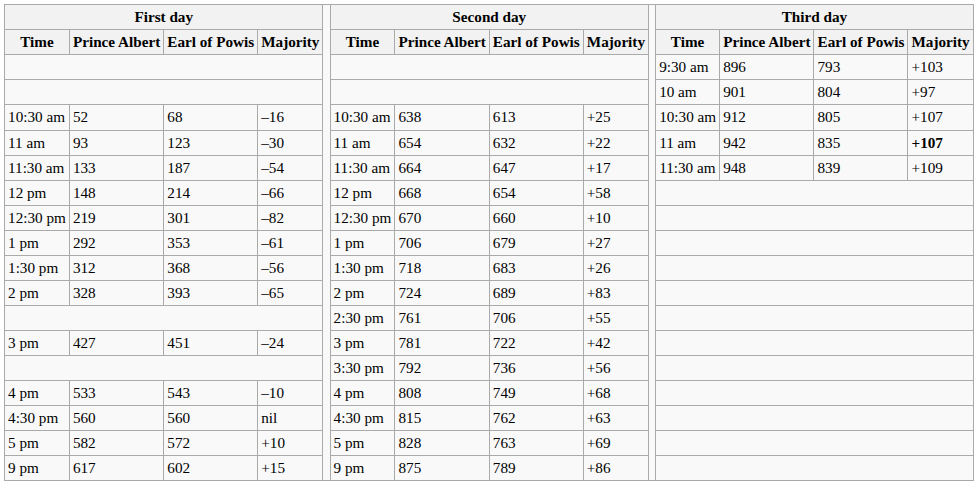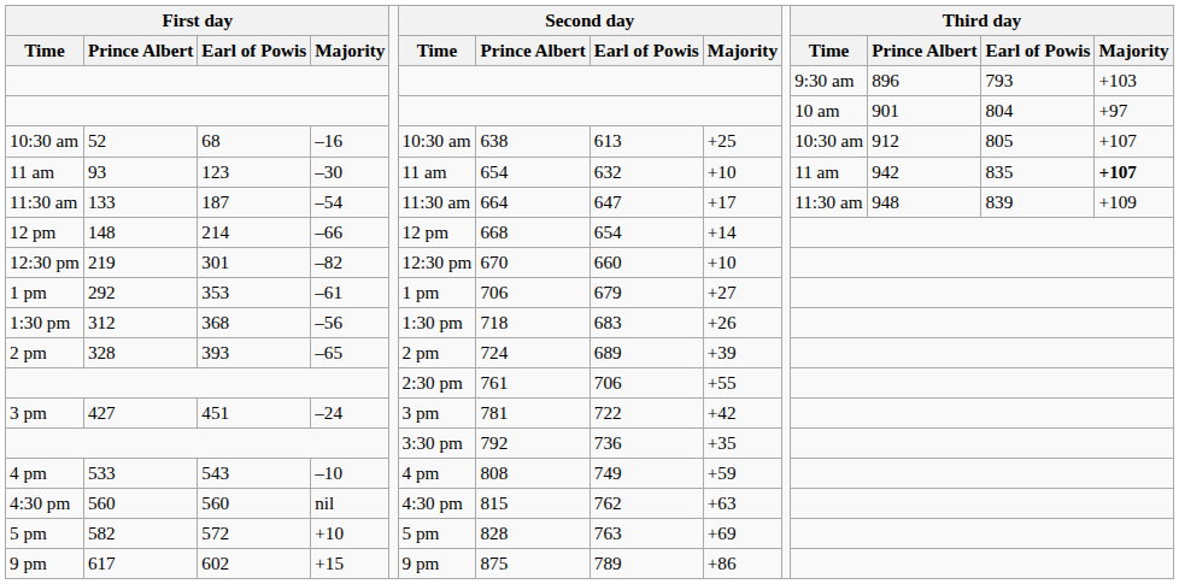 <table class="wikitable" style="font-size: 95%;">
 <tr>
 <th colspan=4>First day</th>
 <td rowspan=19></td>
 <th colspan=4>Second day</th>
 <td rowspan=19></td>
 <th colspan=4>Third day</th>
 </tr>
 <tr>
 <th>Time</th>
 <th>Prince Albert</th>
 <th>Earl of Powis</th>
 <th>Majority</th>
 <th>Time</th>
 <th>Prince Albert</th>
 <th>Earl of Powis</th>
 <th>Majority</th>
 <th>Time</th>
 <th>Prince Albert</th>
 <th>Earl of Powis</th>
 <th>Majority</th>
 </tr>
 <tr>
 <td colspan=4></td>
 <td colspan=4></td>
 <td>9:30 am</td>
 <td>896</td>
 <td>793</td>
 <td>+103</td>
 </tr>
 <tr>
 <td colspan=4></td>
 <td colspan=4></td>
 <td>10 am</td>
 <td>901</td>
 <td>804</td>
 <td>+97</td>
 </tr>
 <tr>
 <td>10:30 am</td>
 <td>52</td>
 <td>68</td>
 <td>–16</td>
 <td>10:30 am</td>
 <td>638</td>
 <td>613</td>
 <td>+25</td>
 <td>10:30 am</td>
 <td>912</td>
 <td>805</td>
 <td>+107</td>
 </tr>
 <tr>
 <td>11 am</td>
 <td>93</td>
 <td>123</td>
 <td>–30</td>
 <td>11 am</td>
 <td>654</td>
 <td>632</td>
-<td>+22</td>
+<td>+10</td>
 <td>11 am</td>
 <td>942</td>
 <td>835</td>
 <td><strong>+107</strong></td>
 </tr>
 <tr>
 <td>11:30 am</td>
 <td>133</td>
 <td>187</td>
 <td>–54</td>
 <td>11:30 am</td>
 <td>664</td>
 <td>647</td>
 <td>+17</td>
 <td>11:30 am</td>
 <td>948</td>
 <td>839</td>
 <td>+109</td>
 </tr>
 <tr>
 <td>12 pm</td>
 <td>148</td>
 <td>214</td>
 <td>–66</td>
 <td>12 pm</td>
 <td>668</td>
 <td>654</td>
-<td>+58</td>
+<td>+14</td>
 <td colspan=4></td>
 </tr>
 <tr>
 <td>12:30 pm</td>
 <td>219</td>
 <td>301</td>
 <td>–82</td>
 <td>12:30 pm</td>
 <td>670</td>
 <td>660</td>
 <td>+10</td>
 <td colspan=4></td>
 </tr>
 <tr>
 <td>1 pm</td>
 <td>292</td>
 <td>353</td>
 <td>–61</td>
 <td>1 pm</td>
 <td>706</td>
 <td>679</td>
 <td>+27</td>
 <td colspan=4></td>
 </tr>
 <tr>
 <td>1:30 pm</td>
 <td>312</td>
 <td>368</td>
 <td>–56</td>
 <td>1:30 pm</td>
 <td>718</td>
 <td>683</td>
 <td>+26</td>
 <td colspan=4></td>
 </tr>
 <tr>
 <td>2 pm</td>
 <td>328</td>
 <td>393</td>
 <td>–65</td>
 <td>2 pm</td>
 <td>724</td>
 <td>689</td>
-<td>+83</td>
+<td>+39</td>
 <td colspan=4></td>
 </tr>
 <tr>
 <td colspan=4></td>
 <td>2:30 pm</td>
 <td>761</td>
 <td>706</td>
 <td>+55</td>
 <td colspan=4></td>
 </tr>
 <tr>
 <td>3 pm</td>
 <td>427</td>
 <td>451</td>
 <td>–24</td>
 <td>3 pm</td>
 <td>781</td>
 <td>722</td>
 <td>+42</td>
 <td colspan=4></td>
 </tr>
 <tr>
 <td colspan=4></td>
 <td>3:30 pm</td>
 <td>792</td>
 <td>736</td>
-<td>+56</td>
+<td>+35</td>
 <td colspan=4></td>
 </tr>
 <tr>
 <td>4 pm</td>
 <td>533</td>
 <td>543</td>
 <td>–10</td>
 <td>4 pm</td>
 <td>808</td>
 <td>749</td>
-<td>+68</td>
+<td>+59</td>
 <td colspan=4></td>
 </tr>
 <tr>
 <td>4:30 pm</td>
 <td>560</td>
 <td>560</td>
 <td>nil</td>
 <td>4:30 pm</td>
 <td>815</td>
 <td>762</td>
 <td>+63</td>
 <td colspan=4></td>
 </tr>
 <tr>
 <td>5 pm</td>
 <td>582</td>
 <td>572</td>
 <td>+10</td>
 <td>5 pm</td>
 <td>828</td>
 <td>763</td>
 <td>+69</td>
 <td colspan=4></td>
 </tr>
 <tr>
 <td>9 pm</td>
 <td>617</td>
 <td>602</td>
 <td>+15</td>
 <td>9 pm</td>
 <td>875</td>
 <td>789</td>
 <td>+86</td>
 <td colspan=4></td>
 </tr>
 </table>
